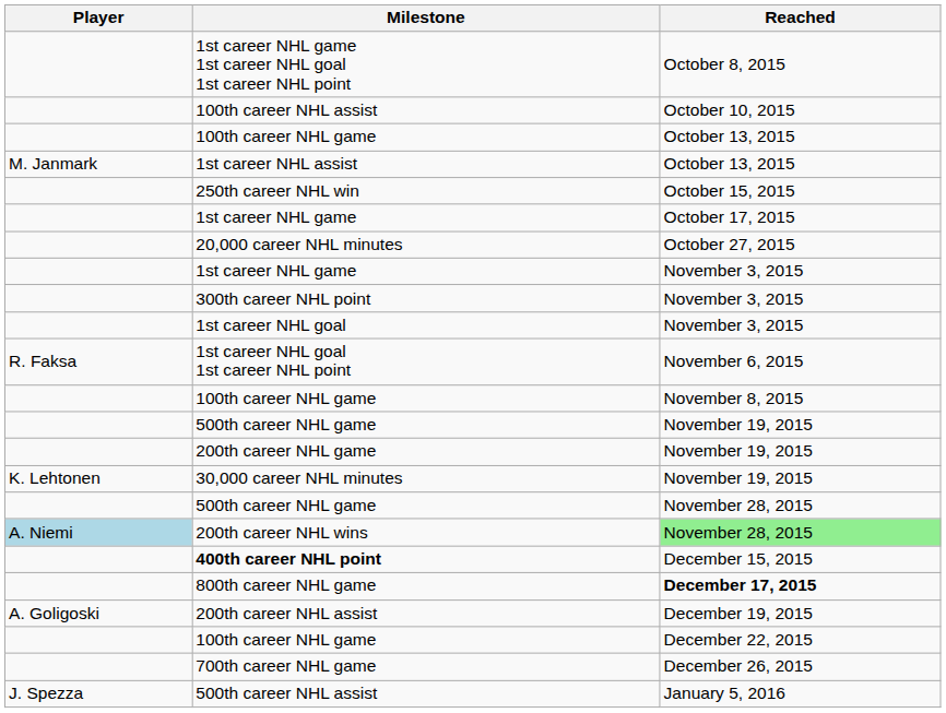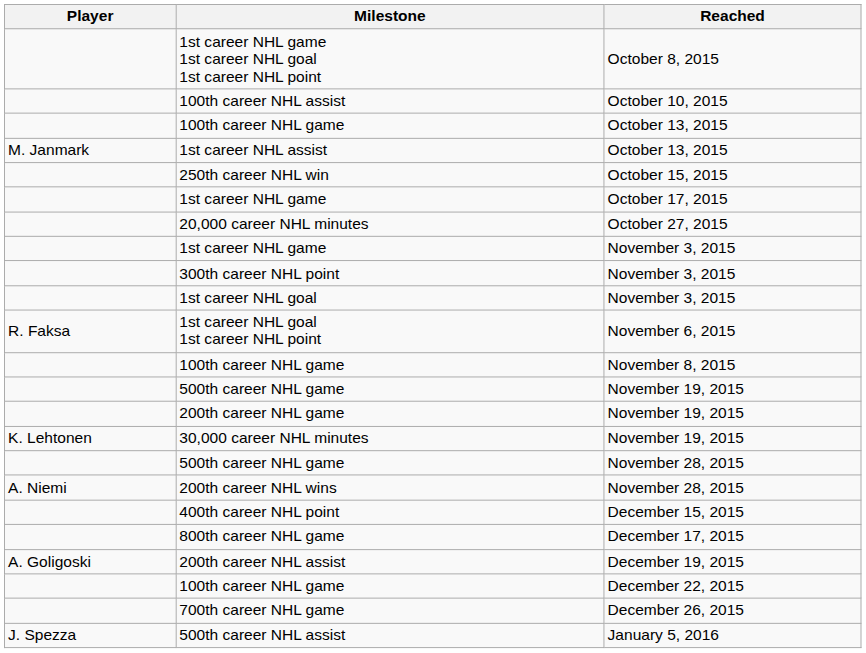 <table class="wikitable sortable" style="width:100%;">
 <tr align=center>
 <th style="width:20%;">Player</th>
 <th style="width:50%;">Milestone</th>
 <th style="width:30%;" data-sort-type="date">Reached</th>
 </tr>
 <tr>
 <td></td>
 <td>1st career NHL game<br>1st career NHL goal<br>1st career NHL point</td>
 <td>October 8, 2015</td>
 </tr>
 <tr>
 <td></td>
 <td>100th career NHL assist</td>
 <td>October 10, 2015</td>
 </tr>
 <tr>
 <td></td>
 <td>100th career NHL game</td>
 <td>October 13, 2015</td>
 </tr>
 <tr>
 <td>M. Janmark</td>
 <td>1st career NHL assist</td>
 <td>October 13, 2015</td>
 </tr>
 <tr>
 <td></td>
 <td>250th career NHL win</td>
 <td>October 15, 2015</td>
 </tr>
 <tr>
 <td></td>
 <td>1st career NHL game</td>
 <td>October 17, 2015</td>
 </tr>
 <tr>
 <td></td>
 <td>20,000 career NHL minutes</td>
 <td>October 27, 2015</td>
 </tr>
 <tr>
 <td></td>
 <td>1st career NHL game</td>
 <td>November 3, 2015</td>
 </tr>
 <tr>
 <td></td>
 <td>300th career NHL point</td>
 <td>November 3, 2015</td>
 </tr>
 <tr>
 <td></td>
 <td>1st career NHL goal</td>
 <td>November 3, 2015</td>
 </tr>
 <tr>
 <td>R. Faksa</td>
 <td>1st career NHL goal<br>1st career NHL point</td>
 <td>November 6, 2015</td>
 </tr>
 <tr>
 <td></td>
 <td>100th career NHL game</td>
 <td>November 8, 2015</td>
 </tr>
 <tr>
 <td></td>
 <td>500th career NHL game</td>
 <td>November 19, 2015</td>
 </tr>
 <tr>
 <td></td>
 <td>200th career NHL game</td>
 <td>November 19, 2015</td>
 </tr>
 <tr>
 <td>K. Lehtonen</td>
 <td>30,000 career NHL minutes</td>
 <td>November 19, 2015</td>
 </tr>
 <tr>
 <td></td>
 <td>500th career NHL game</td>
 <td>November 28, 2015</td>
 </tr>
 <tr>
-<td style="background: lightblue;">A. Niemi</td>
+<td>A. Niemi</td>
 <td>200th career NHL wins</td>
-<td style="background: lightgreen;">November 28, 2015</td>
+<td>November 28, 2015</td>
 </tr>
 <tr>
 <td></td>
-<td><strong>400th career NHL point</strong></td>
+<td>400th career NHL point</td>
 <td>December 15, 2015</td>
 </tr>
 <tr>
 <td></td>
 <td>800th career NHL game</td>
-<td><strong>December 17, 2015</strong></td>
+<td>December 17, 2015</td>
 </tr>
 <tr>
 <td>A. Goligoski</td>
 <td>200th career NHL assist</td>
 <td>December 19, 2015</td>
 </tr>
 <tr>
 <td></td>
 <td>100th career NHL game</td>
 <td>December 22, 2015</td>
 </tr>
 <tr>
 <td></td>
 <td>700th career NHL game</td>
 <td>December 26, 2015</td>
 </tr>
 <tr>
 <td>J. Spezza</td>
 <td>500th career NHL assist</td>
 <td>January 5, 2016</td>
 </tr>
 </table>
